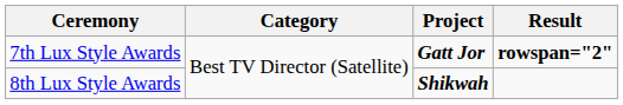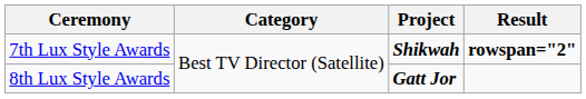 <table class="wikitable style">
 <tr>
 <th>Ceremony</th>
 <th>Category</th>
 <th>Project</th>
 <th>Result</th>
 </tr>
 <tr>
 <td><a href='#'>7th Lux Style Awards</a></td>
 <td Rowspan="2">Best TV Director (Satellite)</td>
-<td><strong><em>Gatt Jor</em></strong></td>
+<td><strong><em>Shikwah</em></strong></td>
 <td><strong>rowspan="2" </strong></td>
 </tr>
 <tr>
 <td><a href='#'>8th Lux Style Awards</a></td>
-<td><strong><em>Shikwah</em></strong></td>
+<td><strong><em>Gatt Jor</em></strong></td>
 </tr>
 </table>
